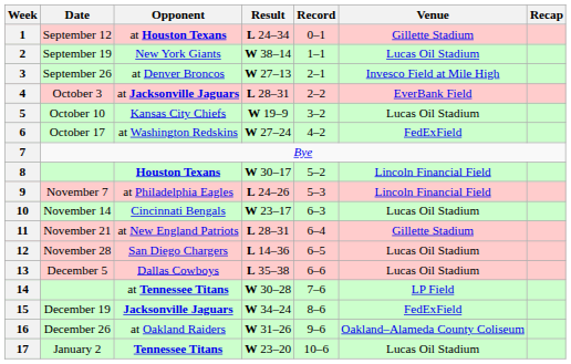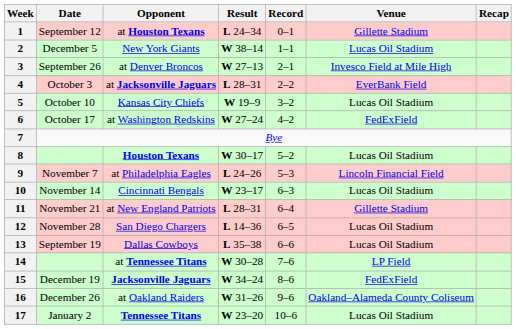 <table class="wikitable" style="text-align:center">
 <tr>
 <th>Week</th>
 <th>Date</th>
 <th>Opponent</th>
 <th>Result</th>
 <th>Record</th>
 <th>Venue</th>
 <th>Recap</th>
 </tr>
 <tr style="background:#fcc">
 <th>1</th>
 <td>September 12</td>
 <td>at <strong><a href='#'>Houston Texans</a></strong></td>
 <td><strong>L</strong> 24–34</td>
 <td>0–1</td>
 <td><a href='#'>Gillette Stadium</a></td>
 <td></td>
 </tr>
 <tr style="background:#cfc">
 <th>2</th>
-<td>September 19</td>
+<td>December 5</td>
 <td><a href='#'>New York Giants</a></td>
 <td><strong>W</strong> 38–14</td>
 <td>1–1</td>
 <td><a href='#'>Lucas Oil Stadium</a></td>
 <td></td>
 </tr>
 <tr style="background:#cfc">
 <th>3</th>
 <td>September 26</td>
 <td>at <a href='#'>Denver Broncos</a></td>
 <td><strong>W</strong> 27–13</td>
 <td>2–1</td>
 <td><a href='#'>Invesco Field at Mile High</a></td>
 <td></td>
 </tr>
 <tr style="background:#fcc">
 <th>4</th>
 <td>October 3</td>
 <td>at <strong><a href='#'>Jacksonville Jaguars</a></strong></td>
 <td><strong>L</strong> 28–31</td>
 <td>2–2</td>
 <td><a href='#'>EverBank Field</a></td>
 <td></td>
 </tr>
 <tr style="background:#cfc">
 <th>5</th>
 <td>October 10</td>
 <td><a href='#'>Kansas City Chiefs</a></td>
 <td><strong>W</strong> 19–9</td>
 <td>3–2</td>
 <td>Lucas Oil Stadium</td>
 <td></td>
 </tr>
 <tr style="background:#cfc">
 <th>6</th>
 <td>October 17</td>
 <td>at <a href='#'>Washington Redskins</a></td>
 <td><strong>W</strong> 27–24</td>
 <td>4–2</td>
 <td><a href='#'>FedExField</a></td>
 <td></td>
 </tr>
 <tr>
 <th>7</th>
 <td colspan="6"><em><a href='#'>Bye</a></em></td>
 </tr>
 <tr style="background:#cfc">
 <th>8</th>
 <td></td>
 <td><strong><a href='#'>Houston Texans</a></strong></td>
 <td><strong>W</strong> 30–17</td>
 <td>5–2</td>
-<td><a href='#'>Lincoln Financial Field</a></td>
+<td>Lucas Oil Stadium</td>
 <td></td>
 </tr>
 <tr style="background:#fcc">
 <th>9</th>
 <td>November 7</td>
 <td>at <a href='#'>Philadelphia Eagles</a></td>
 <td><strong>L</strong> 24–26</td>
 <td>5–3</td>
 <td><a href='#'>Lincoln Financial Field</a></td>
 <td></td>
 </tr>
 <tr style="background:#cfc">
 <th>10</th>
 <td>November 14</td>
 <td><a href='#'>Cincinnati Bengals</a></td>
 <td><strong>W</strong> 23–17</td>
 <td>6–3</td>
 <td>Lucas Oil Stadium</td>
 <td></td>
 </tr>
 <tr style="background:#fcc">
 <th>11</th>
 <td>November 21</td>
 <td>at <a href='#'>New England Patriots</a></td>
 <td><strong>L</strong> 28–31</td>
 <td>6–4</td>
 <td><a href='#'>Gillette Stadium</a></td>
 <td></td>
 </tr>
 <tr style="background:#fcc">
 <th>12</th>
 <td>November 28</td>
 <td><a href='#'>San Diego Chargers</a></td>
 <td><strong>L</strong> 14–36</td>
 <td>6–5</td>
 <td>Lucas Oil Stadium</td>
 <td></td>
 </tr>
 <tr style="background:#fcc">
 <th>13</th>
-<td>December 5</td>
+<td>September 19</td>
 <td><a href='#'>Dallas Cowboys</a></td>
 <td><strong>L</strong> 35–38 </td>
 <td>6–6</td>
 <td>Lucas Oil Stadium</td>
 <td></td>
 </tr>
 <tr style="background:#cfc">
 <th>14</th>
 <td></td>
 <td>at <strong><a href='#'>Tennessee Titans</a></strong></td>
 <td><strong>W</strong> 30–28</td>
 <td>7–6</td>
 <td><a href='#'>LP Field</a></td>
 <td></td>
 </tr>
 <tr style="background:#cfc">
 <th>15</th>
 <td>December 19</td>
 <td><strong><a href='#'>Jacksonville Jaguars</a></strong></td>
 <td><strong>W</strong> 34–24</td>
 <td>8–6</td>
 <td><a href='#'>FedExField</a></td>
 <td></td>
 </tr>
 <tr style="background:#cfc">
 <th>16</th>
 <td>December 26</td>
 <td>at <a href='#'>Oakland Raiders</a></td>
 <td><strong>W</strong> 31–26</td>
 <td>9–6</td>
 <td><a href='#'>Oakland–Alameda County Coliseum</a></td>
 <td></td>
 </tr>
 <tr style="background:#cfc">
 <th>17</th>
 <td>January 2</td>
 <td><strong><a href='#'>Tennessee Titans</a></strong></td>
 <td><strong>W</strong> 23–20</td>
 <td>10–6</td>
 <td>Lucas Oil Stadium</td>
 <td></td>
 </tr>
 </table>
